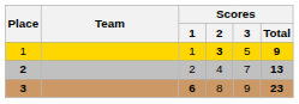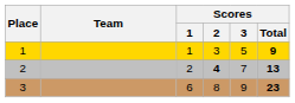 <table class=wikitable style="text-align:center">
 <tr>
 <th width=20 rowspan=2>Place</th>
 <th width=180 rowspan=2>Team</th>
 <th colspan=4>Scores</th>
 </tr>
 <tr>
 <th width=30>1</th>
 <th width=30>2</th>
 <th width=30>3</th>
 <th>Total</th>
 </tr>
 <tr bgcolor=gold>
 <td>1</td>
 <td align=left></td>
 <td>1</td>
-<td><strong>3</strong></td>
+<td>3</td>
 <td>5</td>
 <td><strong>9</strong></td>
 </tr>
 <tr bgcolor=silver>
-<td><strong>2</strong></td>
+<td>2</td>
 <td align=left></td>
 <td>2</td>
-<td>4</td>
+<td><strong>4</strong></td>
 <td>7</td>
 <td><strong>13</strong></td>
 </tr>
 <tr bgcolor=cc9966>
-<td><strong>3</strong></td>
+<td>3</td>
 <td align=left></td>
-<td><strong>6</strong></td>
+<td>6</td>
 <td>8</td>
 <td>9</td>
 <td><strong>23</strong></td>
 </tr>
 </table>
